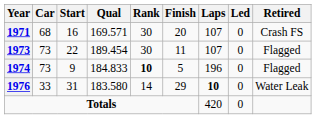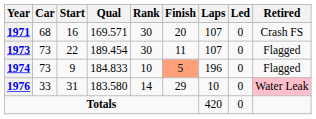 <table class="wikitable" style="text-align:center">
 <tr>
 <th>Year</th>
 <th>Car</th>
 <th>Start</th>
 <th>Qual</th>
 <th>Rank</th>
 <th>Finish</th>
 <th>Laps</th>
 <th>Led</th>
 <th>Retired</th>
 </tr>
 <tr>
 <th><a href='#'>1971</a></th>
 <td>68</td>
 <td>16</td>
 <td>169.571</td>
 <td>30</td>
 <td>20</td>
 <td>107</td>
 <td>0</td>
 <td>Crash FS</td>
 </tr>
 <tr>
 <th><a href='#'>1973</a></th>
 <td>73</td>
 <td>22</td>
 <td>189.454</td>
 <td>30</td>
 <td>11</td>
 <td>107</td>
 <td>0</td>
 <td>Flagged</td>
 </tr>
 <tr>
 <th><a href='#'>1974</a></th>
 <td>73</td>
 <td>9</td>
 <td>184.833</td>
-<td><strong>10</strong></td>
-<td>5</td>
+<td>10</td>
+<td style="background: lightsalmon;">5</td>
 <td>196</td>
 <td>0</td>
 <td>Flagged</td>
 </tr>
 <tr>
 <th><a href='#'>1976</a></th>
 <td>33</td>
 <td>31</td>
 <td>183.580</td>
 <td>14</td>
 <td>29</td>
-<td><strong>10</strong></td>
+<td>10</td>
 <td>0</td>
-<td>Water Leak</td>
+<td style="background: pink;">Water Leak</td>
 </tr>
 <tr>
 <td colspan=6><strong>Totals</strong></td>
 <td>420</td>
 <td>0</td>
 <td></td>
 </tr>
 </table>
